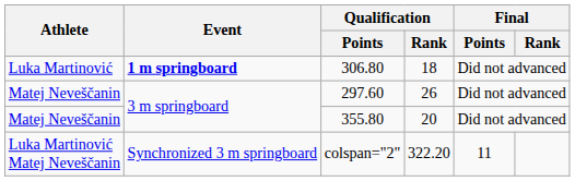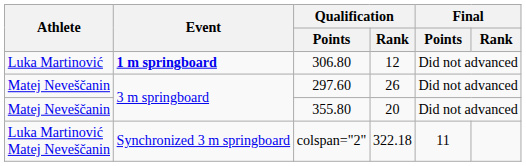 <table class="wikitable" style="text-align: center; font-size:90%">
 <tr>
 <th rowspan="2">Athlete</th>
 <th rowspan="2">Event</th>
 <th colspan="2">Qualification</th>
 <th colspan="2">Final</th>
 </tr>
 <tr>
 <th>Points</th>
 <th>Rank</th>
 <th>Points</th>
 <th>Rank</th>
 </tr>
 <tr>
 <td align="left"><a href='#'>Luka Martinović</a></td>
 <td align="left"><strong><a href='#'>1 m springboard</a></strong></td>
 <td>306.80</td>
-<td>18</td>
+<td>12</td>
 <td colspan=2>Did not advanced</td>
 </tr>
 <tr>
 <td align="left"><a href='#'>Matej Neveščanin</a></td>
 <td rowspan="2" align="left"><a href='#'>3 m springboard</a></td>
 <td>297.60</td>
 <td>26</td>
 <td colspan="2">Did not advanced</td>
 </tr>
 <tr>
 <td align="left"><a href='#'>Matej Neveščanin</a></td>
 <td>355.80</td>
 <td>20</td>
 <td colspan="2">Did not advanced</td>
 </tr>
 <tr>
 <td align="left"><a href='#'>Luka Martinović</a><br><a href='#'>Matej Neveščanin</a></td>
 <td align="left"><a href='#'>Synchronized 3 m springboard</a></td>
 <td>colspan="2" </td>
-<td>322.20</td>
+<td>322.18</td>
 <td>11</td>
 </tr>
 </table>
